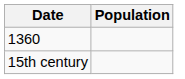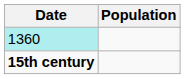 <table class="wikitable">
 <tr>
 <th>Date</th>
 <th colspan="2">Population</th>
 </tr>
 <tr>
-<td>1360</td>
+<td style="background: paleturquoise;">1360</td>
 <td align = right></td>
 </tr>
 <tr>
-<td>15th century</td>
+<td><strong>15th century</strong></td>
 <td align = right></td>
 </tr>
 </table>
